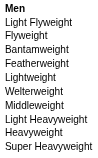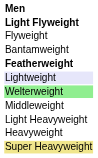 <table>
 <tr>
 <td colspan=7><strong>Men</strong></td>
 </tr>
 <tr>
-<td>Light Flyweight</td>
+<td><strong>Light Flyweight</strong></td>
 <td></td>
 <td></td>
 <td></td>
 </tr>
 <tr>
 <td>Flyweight</td>
 <td></td>
 <td></td>
 <td></td>
 </tr>
 <tr>
 <td>Bantamweight</td>
 <td></td>
 <td></td>
 <td></td>
 </tr>
 <tr>
-<td>Featherweight</td>
+<td><strong>Featherweight</strong></td>
 <td></td>
 <td></td>
 <td></td>
 </tr>
 <tr>
-<td>Lightweight</td>
+<td style="background: lavender;">Lightweight</td>
 <td></td>
 <td></td>
 <td></td>
 </tr>
 <tr>
-<td>Welterweight</td>
+<td style="background: lightgreen;">Welterweight</td>
 <td></td>
 <td></td>
 <td></td>
 </tr>
 <tr>
 <td>Middleweight</td>
 <td></td>
 <td></td>
 <td></td>
 </tr>
 <tr>
 <td>Light Heavyweight</td>
 <td></td>
 <td></td>
 <td></td>
 </tr>
 <tr>
 <td>Heavyweight</td>
 <td></td>
 <td></td>
 <td></td>
 </tr>
 <tr>
-<td>Super Heavyweight</td>
+<td style="background: khaki;">Super Heavyweight</td>
 <td></td>
 <td></td>
 <td></td>
 </tr>
 </table>
